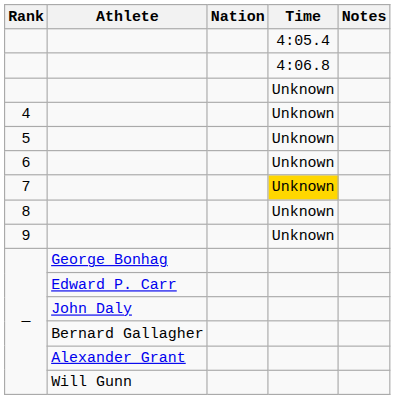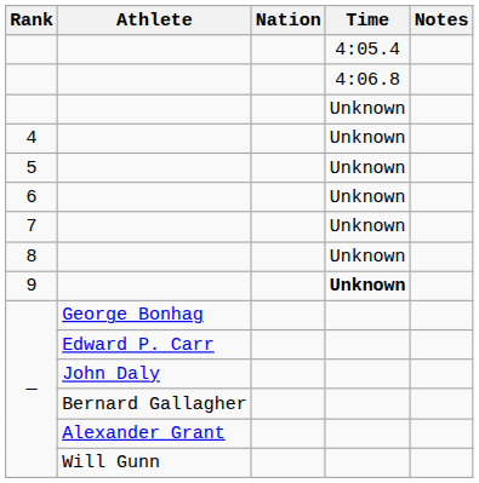 <table class="wikitable sortable" style="text-align:center">
 <tr>
 <th>Rank</th>
 <th>Athlete</th>
 <th>Nation</th>
 <th>Time</th>
 <th>Notes</th>
 </tr>
 <tr>
 <td></td>
 <td align=left></td>
 <td align=left></td>
 <td>4:05.4</td>
 <td></td>
 </tr>
 <tr>
 <td></td>
 <td align=left></td>
 <td align=left></td>
 <td>4:06.8</td>
 <td></td>
 </tr>
 <tr>
 <td></td>
 <td align=left></td>
 <td align=left></td>
 <td data-sort-value=5:00.0>Unknown</td>
 <td></td>
 </tr>
 <tr>
 <td>4</td>
 <td align=left></td>
 <td align=left></td>
 <td data-sort-value=5:00.0>Unknown</td>
 <td></td>
 </tr>
 <tr>
 <td>5</td>
 <td align=left></td>
 <td align=left></td>
 <td data-sort-value=5:00.0>Unknown</td>
 <td></td>
 </tr>
 <tr>
 <td>6</td>
 <td align=left></td>
 <td align=left></td>
 <td data-sort-value=5:00.0>Unknown</td>
 <td></td>
 </tr>
 <tr>
 <td>7</td>
 <td align=left></td>
 <td align=left></td>
-<td data-sort-value=5:00.0 style="background: gold;">Unknown</td>
+<td data-sort-value=5:00.0>Unknown</td>
 <td></td>
 </tr>
 <tr>
 <td>8</td>
 <td align=left></td>
 <td align=left></td>
 <td data-sort-value=5:00.0>Unknown</td>
 <td></td>
 </tr>
 <tr>
 <td>9</td>
 <td align=left></td>
 <td align=left></td>
-<td data-sort-value=5:00.0>Unknown</td>
+<td data-sort-value=5:00.0><strong>Unknown</strong></td>
 <td></td>
 </tr>
 <tr>
 <td rowspan=6 data-sort-value=10>—</td>
 <td align=left data-sort-value=Bonhag><a href='#'>George Bonhag</a></td>
 <td align=left></td>
 <td data-sort-value=9:00.0></td>
 <td></td>
 </tr>
 <tr>
 <td align=left data-sort-value=Carr><a href='#'>Edward P. Carr</a></td>
 <td align=left></td>
 <td data-sort-value=9:00.0></td>
 <td></td>
 </tr>
 <tr>
 <td align=left data-sort-value=Daly><a href='#'>John Daly</a></td>
 <td align=left></td>
 <td data-sort-value=9:00.0></td>
 <td></td>
 </tr>
 <tr>
 <td align=left data-sort-value=Gallagher>Bernard Gallagher</td>
 <td align=left></td>
 <td data-sort-value=9:00.0></td>
 <td></td>
 </tr>
 <tr>
 <td align=left data-sort-value=Grant><a href='#'>Alexander Grant</a></td>
 <td align=left></td>
 <td data-sort-value=9:00.0></td>
 <td></td>
 </tr>
 <tr>
 <td align=left data-sort-value=Gunn>Will Gunn</td>
 <td align=left></td>
 <td data-sort-value=9:00.0></td>
 <td></td>
 </tr>
 </table>
